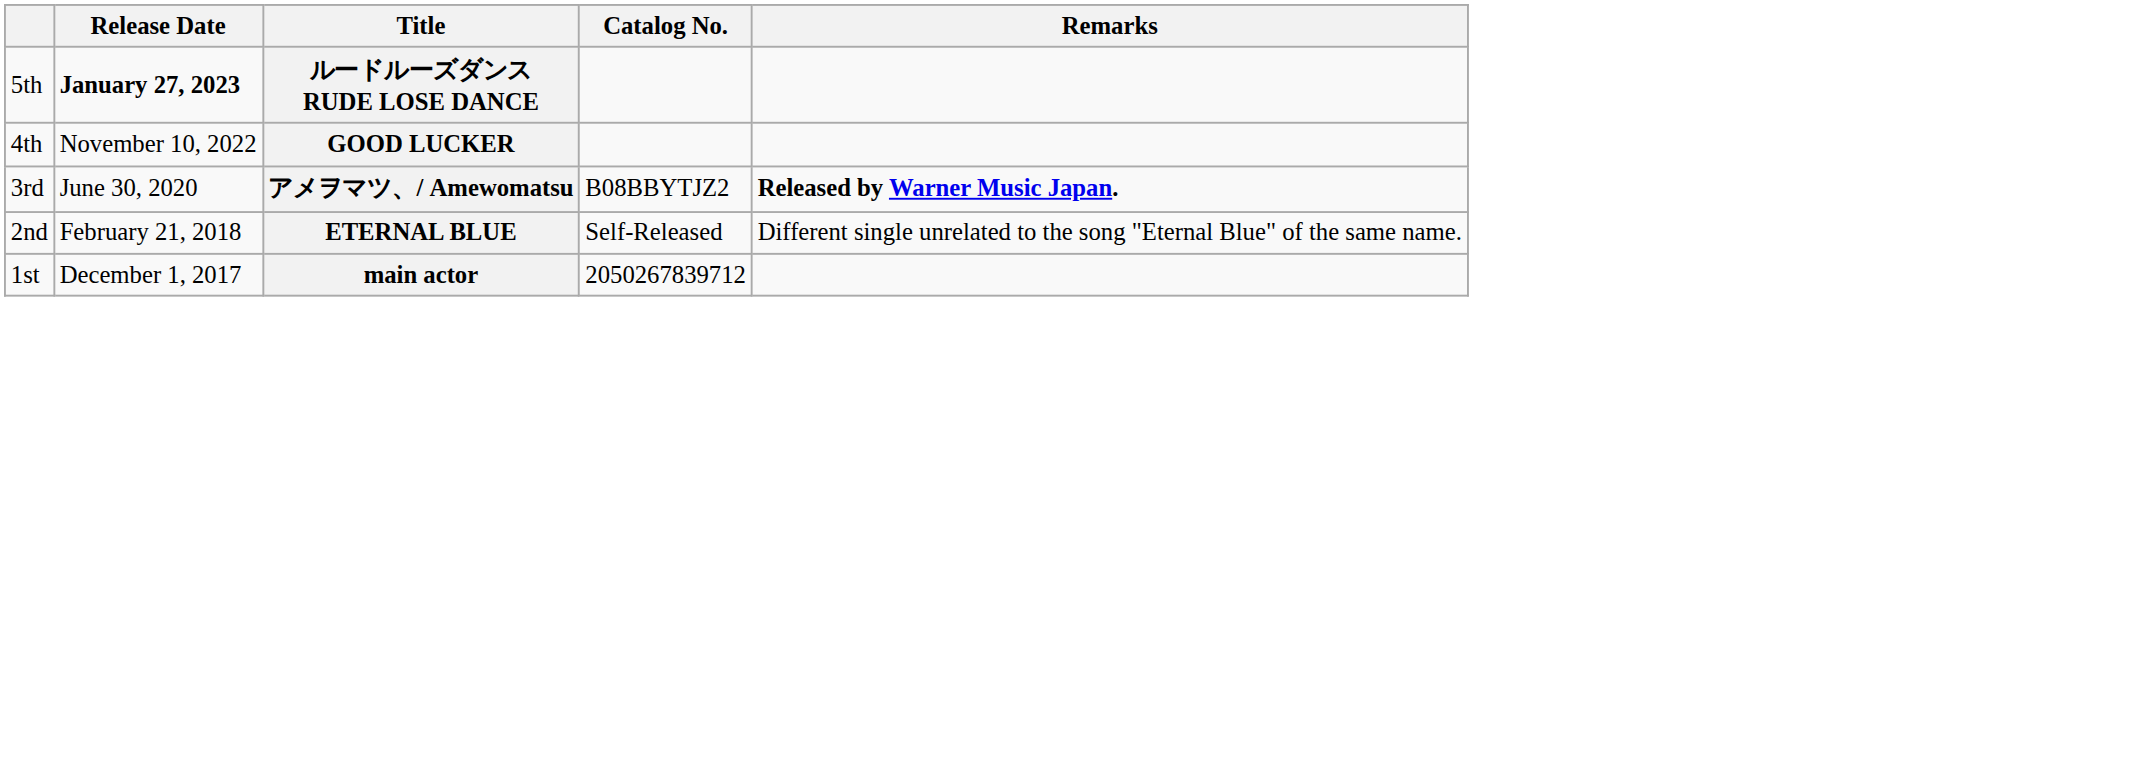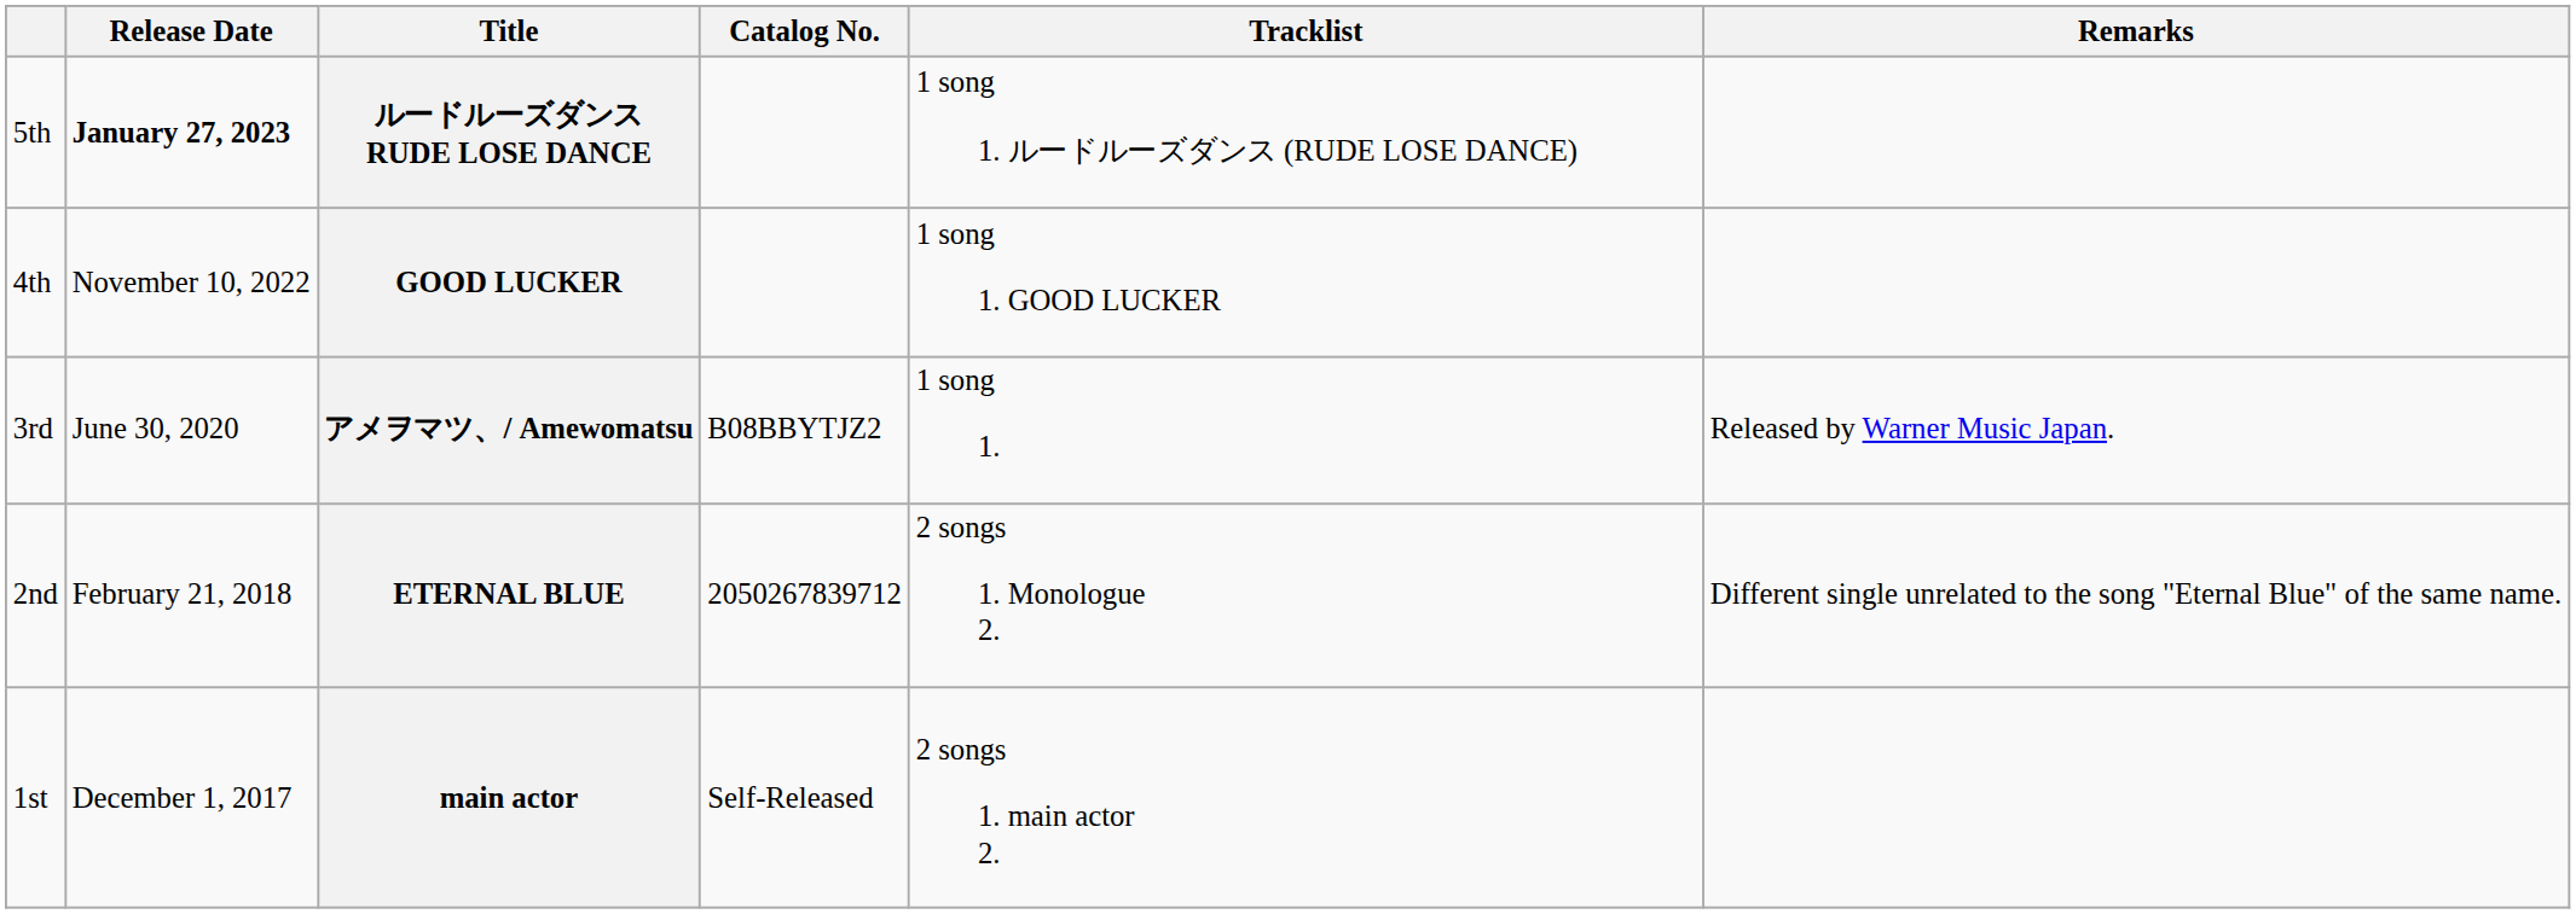 <table class="wikitable" style="font-size:small">
 <tr>
 <th> </th>
 <th>Release Date</th>
 <th>Title</th>
 <th>Catalog No.</th>
+<th style="width:31%">Tracklist</th>
 <th>Remarks</th>
 </tr>
 <tr>
 <td>5th</td>
 <td><strong>January 27, 2023</strong></td>
 <th>ルードルーズダンス<br>RUDE LOSE DANCE</th>
 <td></td>
+<td>1 song<br><ol><li>ルードルーズダンス (RUDE LOSE DANCE)</li></ol></td>
 <td></td>
 </tr>
 <tr>
 <td>4th</td>
 <td>November 10, 2022</td>
 <th>GOOD LUCKER</th>
 <td></td>
+<td>1 song<br><ol><li>GOOD LUCKER</li></ol></td>
 <td></td>
 </tr>
 <tr>
 <td>3rd</td>
 <td>June 30, 2020</td>
 <th>アメヲマツ、/ Amewomatsu</th>
 <td>B08BBYTJZ2</td>
-<td><strong>Released by <a href='#'>Warner Music Japan</a>.</strong></td>
+<td>1 song<br><ol><li></li></ol></td>
+<td>Released by <a href='#'>Warner Music Japan</a>.</td>
 </tr>
 <tr>
 <td>2nd</td>
 <td>February 21, 2018</td>
 <th>ETERNAL BLUE</th>
-<td>Self-Released</td>
+<td>2050267839712</td>
+<td>2 songs<br><ol><li>Monologue</li><li></li></ol></td>
 <td>Different single unrelated to the song "Eternal Blue" of the same name.</td>
 </tr>
 <tr>
 <td>1st</td>
 <td>December 1, 2017</td>
 <th>main actor</th>
-<td>2050267839712</td>
+<td>Self-Released</td>
+<td><br>2 songs<ol><li>main actor</li><li></li></ol></td>
 <td></td>
 </tr>
 </table>
